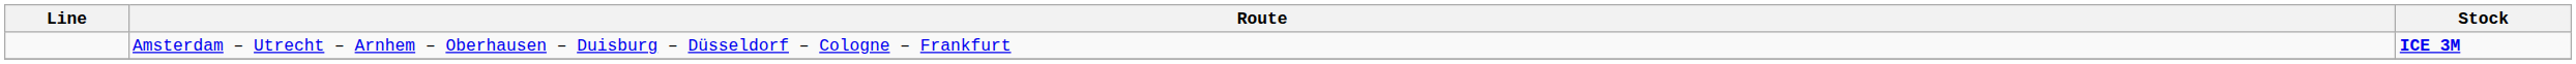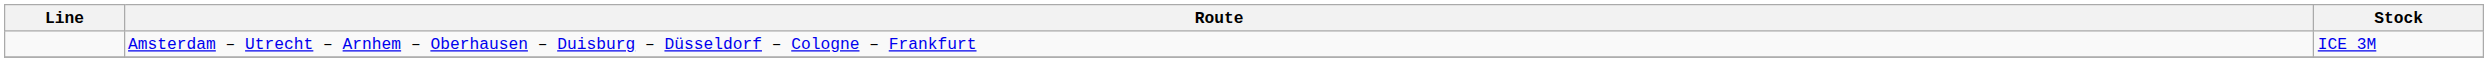 <table class="wikitable" width="100%">
 <tr class="hintergrundfarbe5">
 <th>Line</th>
 <th>Route</th>
 <th>Stock</th>
 </tr>
 <tr>
 <td></td>
 <td><a href='#'>Amsterdam</a> – <a href='#'>Utrecht</a> – <a href='#'>Arnhem</a> – <a href='#'>Oberhausen</a> – <a href='#'>Duisburg</a> – <a href='#'>Düsseldorf</a> – <a href='#'>Cologne</a> –  <a href='#'>Frankfurt</a></td>
-<td><strong><a href='#'>ICE 3M</a></strong></td>
+<td><a href='#'>ICE 3M</a></td>
 </tr>
 <tr>
 </tr>
 </table>
